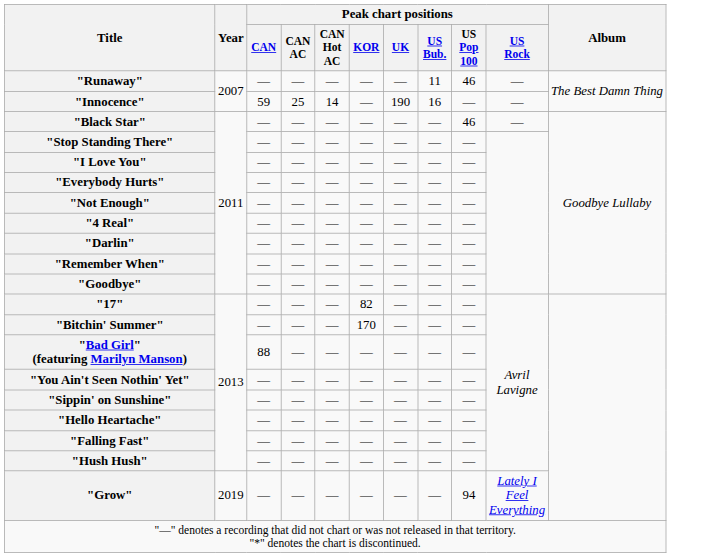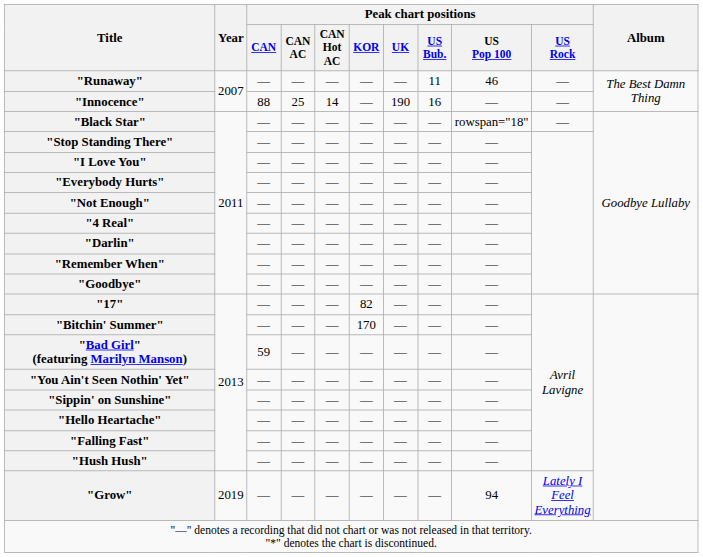 <table class="wikitable plainrowheaders" style="text-align:center;">
 <tr>
 <th scope="col" rowspan="2" style="width:16em;">Title</th>
 <th scope="col" rowspan="2">Year</th>
 <th scope="col" colspan="8">Peak chart positions</th>
 <th scope="col" rowspan="2">Album</th>
 </tr>
 <tr>
 <th scope="col" style="width:2.5em;font-size:90%;"><a href='#'>CAN</a><br></th>
 <th scope="col" style="width:2.5em;font-size:90%;">CAN<br>AC<br></th>
 <th scope="col" style="width:2.5em;font-size:90%;">CAN<br>Hot AC<br></th>
 <th scope="col" style="width:2.5em;font-size:90%;"><a href='#'>KOR</a><br></th>
 <th scope="col" style="width:2.5em;font-size:90%;"><a href='#'>UK</a><br></th>
 <th scope="col" style="width:2.5em;font-size:90%;"><a href='#'>US<br>Bub.</a><br></th>
 <th scope="col" style="width:2.5em;font-size:90%;">US<br><a href='#'>Pop 100</a><br></th>
 <th scope="col" style="width:2.5em;font-size:90%;"><a href='#'>US<br>Rock</a><br></th>
 </tr>
 <tr>
 <th scope="row">"Runaway"</th>
 <td rowspan="2">2007</td>
 <td>—</td>
 <td>—</td>
 <td>—</td>
 <td>—</td>
 <td>—</td>
 <td>11</td>
 <td>46</td>
 <td>—</td>
 <td rowspan="2"><em>The Best Damn Thing</em></td>
 </tr>
 <tr>
 <th scope="row">"Innocence"</th>
-<td>59</td>
+<td>88</td>
 <td>25</td>
 <td>14</td>
 <td>—</td>
 <td>190</td>
 <td>16</td>
 <td>—</td>
 <td>—</td>
 </tr>
 <tr>
 <th scope="row">"Black Star"</th>
 <td rowspan="9">2011</td>
 <td>—</td>
 <td>—</td>
 <td>—</td>
 <td>—</td>
 <td>—</td>
 <td>—</td>
-<td>46</td>
+<td>rowspan="18" </td>
 <td>—</td>
 <td rowspan="9"><em>Goodbye Lullaby</em></td>
 </tr>
 <tr>
 <th scope="row">"Stop Standing There"</th>
 <td>—</td>
 <td>—</td>
 <td>—</td>
 <td>—</td>
 <td>—</td>
 <td>—</td>
 <td>—</td>
 </tr>
 <tr>
 <th scope="row">"I Love You"</th>
 <td>—</td>
 <td>—</td>
 <td>—</td>
 <td>—</td>
 <td>—</td>
 <td>—</td>
 <td>—</td>
 </tr>
 <tr>
 <th scope="row">"Everybody Hurts"</th>
 <td>—</td>
 <td>—</td>
 <td>—</td>
 <td>—</td>
 <td>—</td>
 <td>—</td>
 <td>—</td>
 </tr>
 <tr>
 <th scope="row">"Not Enough"</th>
 <td>—</td>
 <td>—</td>
 <td>—</td>
 <td>—</td>
 <td>—</td>
 <td>—</td>
 <td>—</td>
 </tr>
 <tr>
 <th scope="row">"4 Real"</th>
 <td>—</td>
 <td>—</td>
 <td>—</td>
 <td>—</td>
 <td>—</td>
 <td>—</td>
 <td>—</td>
 </tr>
 <tr>
 <th scope="row">"Darlin"</th>
 <td>—</td>
 <td>—</td>
 <td>—</td>
 <td>—</td>
 <td>—</td>
 <td>—</td>
 <td>—</td>
 </tr>
 <tr>
 <th scope="row">"Remember When"</th>
 <td>—</td>
 <td>—</td>
 <td>—</td>
 <td>—</td>
 <td>—</td>
 <td>—</td>
 <td>—</td>
 </tr>
 <tr>
 <th scope="row">"Goodbye"</th>
 <td>—</td>
 <td>—</td>
 <td>—</td>
 <td>—</td>
 <td>—</td>
 <td>—</td>
 <td>—</td>
 </tr>
 <tr>
 <th scope="row">"17"</th>
 <td rowspan="8">2013</td>
 <td>—</td>
 <td>—</td>
 <td>—</td>
 <td>82</td>
 <td>—</td>
 <td>—</td>
 <td>—</td>
 <td rowspan="8"><em>Avril Lavigne</em></td>
 </tr>
 <tr>
 <th scope="row">"Bitchin' Summer"</th>
 <td>—</td>
 <td>—</td>
 <td>—</td>
 <td>170</td>
 <td>—</td>
 <td>—</td>
 <td>—</td>
 </tr>
 <tr>
 <th scope="row">"<a href='#'>Bad Girl</a>"<br><span>(featuring <a href='#'>Marilyn Manson</a>)</span></th>
-<td>88</td>
+<td>59</td>
 <td>—</td>
 <td>—</td>
 <td>—</td>
 <td>—</td>
 <td>—</td>
 <td>—</td>
 </tr>
 <tr>
 <th scope="row">"You Ain't Seen Nothin' Yet"</th>
 <td>—</td>
 <td>—</td>
 <td>—</td>
 <td>—</td>
 <td>—</td>
 <td>—</td>
 <td>—</td>
 </tr>
 <tr>
 <th scope="row">"Sippin' on Sunshine"</th>
 <td>—</td>
 <td>—</td>
 <td>—</td>
 <td>—</td>
 <td>—</td>
 <td>—</td>
 <td>—</td>
 </tr>
 <tr>
 <th scope="row">"Hello Heartache"</th>
 <td>—</td>
 <td>—</td>
 <td>—</td>
 <td>—</td>
 <td>—</td>
 <td>—</td>
 <td>—</td>
 </tr>
 <tr>
 <th scope="row">"Falling Fast"</th>
 <td>—</td>
 <td>—</td>
 <td>—</td>
 <td>—</td>
 <td>—</td>
 <td>—</td>
 <td>—</td>
 </tr>
 <tr>
 <th scope="row">"Hush Hush"</th>
 <td>—</td>
 <td>—</td>
 <td>—</td>
 <td>—</td>
 <td>—</td>
 <td>—</td>
 <td>—</td>
 </tr>
 <tr>
 <th scope="row">"Grow"<br></th>
 <td>2019</td>
 <td>—</td>
 <td>—</td>
 <td>—</td>
 <td>—</td>
 <td>—</td>
 <td>—</td>
 <td>94</td>
 <td><em><a href='#'>Lately I Feel Everything</a></em></td>
 </tr>
 <tr>
 <td colspan="12" style="font-size:90%">"—" denotes a recording that did not chart or was not released in that territory.<br>"*" denotes the chart is discontinued.</td>
 </tr>
 </table>
